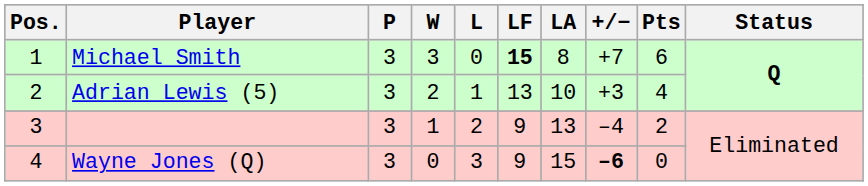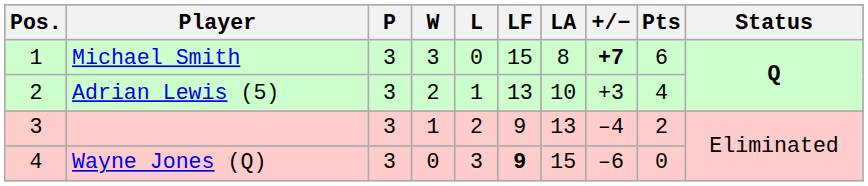 <table class="wikitable" style="text-align:center; margin: 1em auto 1em auto, align:left">
 <tr>
 <th width=20>Pos.</th>
 <th width=175>Player</th>
 <th width=20>P</th>
 <th width=20>W</th>
 <th width=20>L</th>
 <th width=20>LF</th>
 <th width=20>LA</th>
 <th width=25>+/−</th>
 <th width=20>Pts</th>
 <th width=100>Status</th>
 </tr>
 <tr style="background:#CCFFCC;">
 <td>1</td>
 <td style="text-align:left;"> <a href='#'>Michael Smith</a></td>
 <td>3</td>
 <td>3</td>
 <td>0</td>
-<td><strong>15</strong></td>
+<td>15</td>
 <td>8</td>
-<td>+7</td>
+<td><strong>+7</strong></td>
 <td>6</td>
 <td rowspan=2><strong>Q</strong></td>
 </tr>
 <tr style="background:#CCFFCC;">
 <td>2</td>
 <td style="text-align:left;"> <a href='#'>Adrian Lewis</a> (5)</td>
 <td>3</td>
 <td>2</td>
 <td>1</td>
 <td>13</td>
 <td>10</td>
 <td>+3</td>
 <td>4</td>
 </tr>
 <tr style="background:#FFCCCC;">
 <td>3</td>
 <td style="text-align:left;"></td>
 <td>3</td>
 <td>1</td>
 <td>2</td>
 <td>9</td>
 <td>13</td>
 <td>–4</td>
 <td>2</td>
 <td rowspan=2>Eliminated</td>
 </tr>
 <tr style="background:#FFCCCC;">
 <td>4</td>
 <td style="text-align:left;"> <a href='#'>Wayne Jones</a> (Q)</td>
 <td>3</td>
 <td>0</td>
 <td>3</td>
-<td>9</td>
+<td><strong>9</strong></td>
 <td>15</td>
-<td><strong>–6</strong></td>
+<td>–6</td>
 <td>0</td>
 </tr>
 </table>
